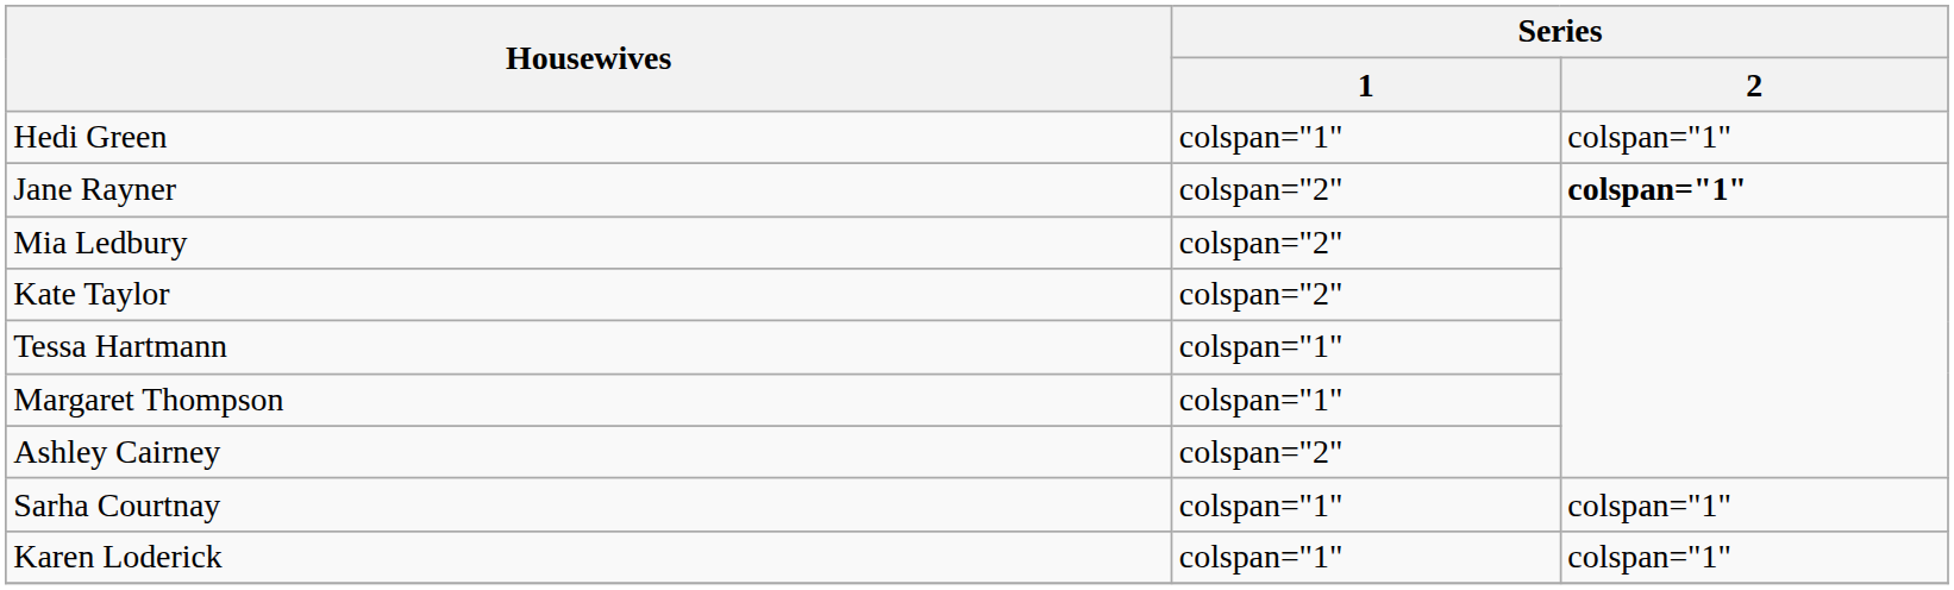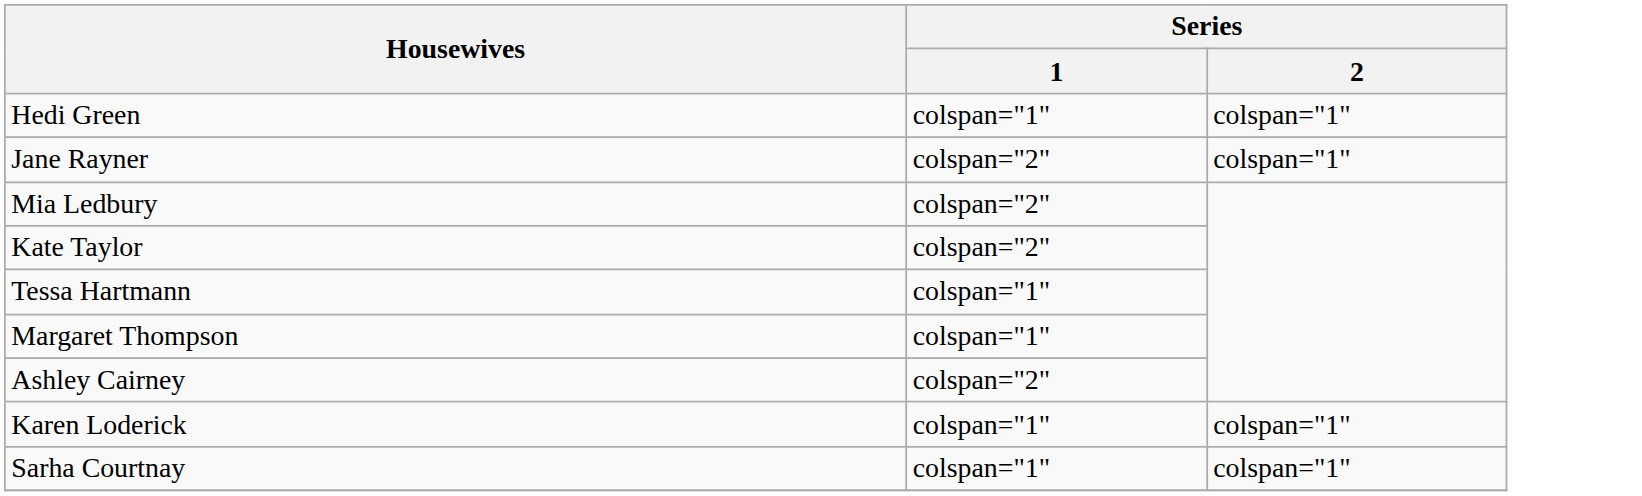 <table class="wikitable plainrowheaders">
 <tr>
 <th rowspan="2" style="width:30%;">Housewives</th>
 <th colspan="2">Series</th>
 </tr>
 <tr>
 <th style="width:10%;">1</th>
 <th style="width:10%;">2</th>
 </tr>
 <tr>
 <td>Hedi Green</td>
 <td>colspan="1" </td>
 <td>colspan="1" </td>
 </tr>
 <tr>
 <td>Jane Rayner</td>
 <td>colspan="2" </td>
-<td><strong>colspan="1" </strong></td>
+<td>colspan="1" </td>
 </tr>
 <tr>
 <td>Mia Ledbury</td>
 <td>colspan="2" </td>
 </tr>
 <tr>
 <td>Kate Taylor</td>
 <td>colspan="2" </td>
 </tr>
 <tr>
 <td>Tessa Hartmann</td>
 <td>colspan="1" </td>
 </tr>
 <tr>
 <td>Margaret Thompson</td>
 <td>colspan="1" </td>
 </tr>
 <tr>
 <td>Ashley Cairney</td>
 <td>colspan="2" </td>
 </tr>
 <tr>
-<td>Sarha Courtnay</td>
+<td>Karen Loderick</td>
 <td>colspan="1" </td>
 <td>colspan="1" </td>
 </tr>
 <tr>
-<td>Karen Loderick</td>
+<td>Sarha Courtnay</td>
 <td>colspan="1" </td>
 <td>colspan="1" </td>
 </tr>
 <tr>
 </tr>
 </table>
